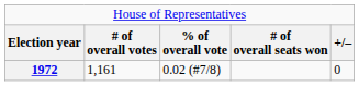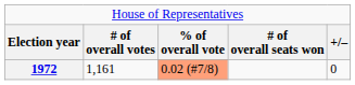 <table class=wikitable>
 <tr>
 <td colspan=5 align=center><a href='#'>House of Representatives</a></td>
 </tr>
 <tr>
 <th>Election year</th>
 <th># of<br>overall votes</th>
 <th>% of<br>overall vote</th>
 <th># of<br>overall seats won</th>
 <th>+/–</th>
 </tr>
 <tr>
 <th><a href='#'>1972</a></th>
 <td>1,161</td>
-<td>0.02 (#7/8)</td>
+<td style="background: lightsalmon;">0.02 (#7/8)</td>
 <td></td>
 <td> 0</td>
 </tr>
 </table>
